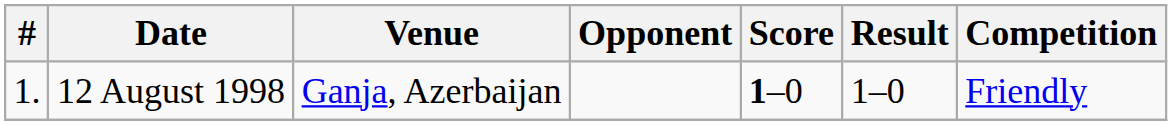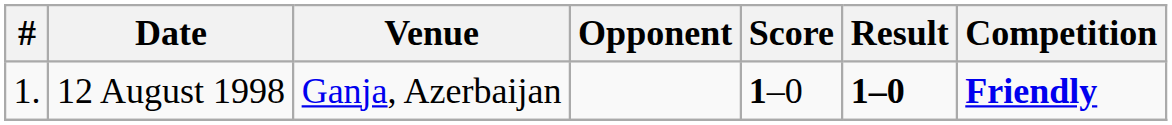 <table class="wikitable">
 <tr>
 <th>#</th>
 <th>Date</th>
 <th>Venue</th>
 <th>Opponent</th>
 <th>Score</th>
 <th>Result</th>
 <th>Competition</th>
 </tr>
 <tr>
 <td>1.</td>
 <td>12 August 1998</td>
 <td><a href='#'>Ganja</a>, Azerbaijan</td>
 <td></td>
 <td><strong>1</strong>–0</td>
-<td>1–0</td>
-<td><a href='#'>Friendly</a></td>
+<td><strong>1–0</strong></td>
+<td><strong><a href='#'>Friendly</a></strong></td>
 </tr>
 <tr>
 </tr>
 </table>
